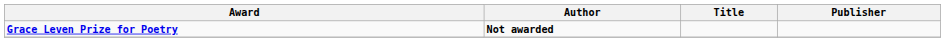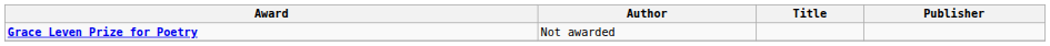 <table class="wikitable" width=95%>
 <tr>
 <th>Award</th>
 <th>Author</th>
 <th>Title</th>
 <th>Publisher</th>
 </tr>
 <tr>
 <td><strong><a href='#'>Grace Leven Prize for Poetry</a></strong></td>
-<td><strong>Not awarded</strong></td>
+<td>Not awarded</td>
 <td></td>
 <td></td>
 </tr>
 <tr>
 </tr>
 </table>
